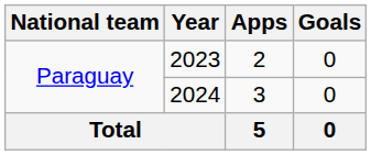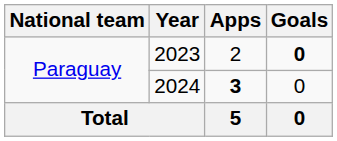 <table class="wikitable" style="text-align:center">
 <tr>
 <th>National team</th>
 <th>Year</th>
 <th>Apps</th>
 <th>Goals</th>
 </tr>
 <tr>
 <td rowspan="2"><a href='#'>Paraguay</a></td>
 <td>2023</td>
 <td>2</td>
-<td>0</td>
+<td><strong>0</strong></td>
 </tr>
 <tr>
 <td>2024</td>
-<td>3</td>
+<td><strong>3</strong></td>
 <td>0</td>
 </tr>
 <tr>
 <th colspan="2">Total</th>
 <th>5</th>
 <th>0</th>
 </tr>
 </table>
